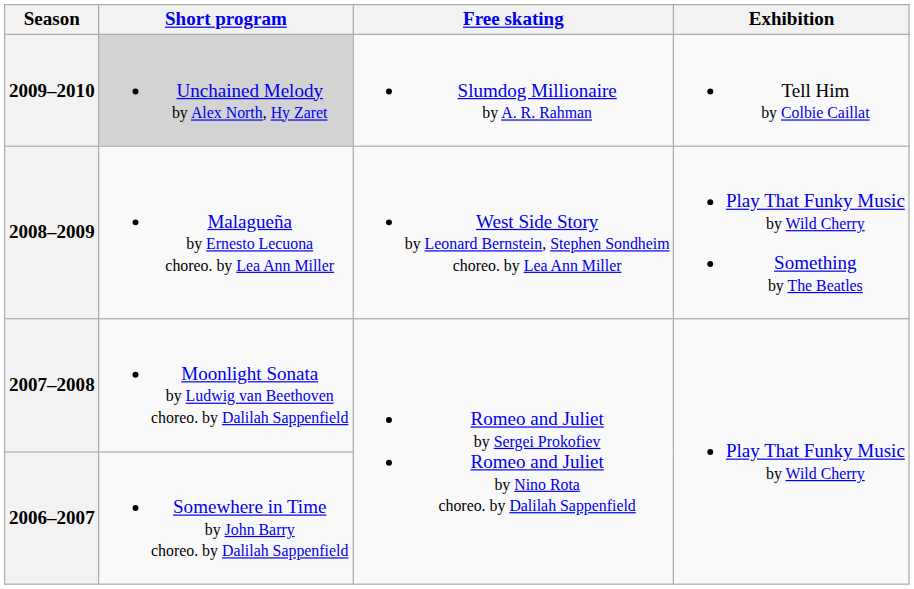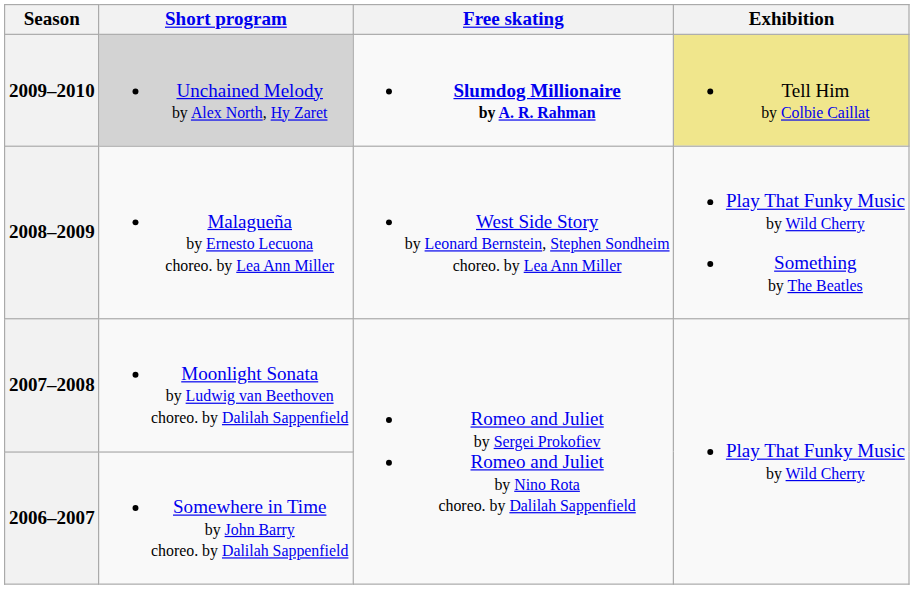 <table class="wikitable" style="text-align:center">
 <tr>
 <th>Season</th>
 <th><a href='#'>Short program</a></th>
 <th><a href='#'>Free skating</a></th>
 <th>Exhibition</th>
 </tr>
 <tr>
 <th>2009–2010 <br> </th>
 <td style="background: lightgrey;"><br><ul><li><a href='#'>Unchained Melody</a> <br><small> by <a href='#'>Alex North</a>, <a href='#'>Hy Zaret</a> </small></li></ul></td>
-<td><br><ul><li><a href='#'>Slumdog Millionaire</a> <br><small> by <a href='#'>A. R. Rahman</a> </small></li></ul></td>
-<td><br><ul><li>Tell Him <br><small> by <a href='#'>Colbie Caillat</a> </small></li></ul></td>
+<td><strong><br><ul><li><a href='#'>Slumdog Millionaire</a> <br><small> by <a href='#'>A. R. Rahman</a> </small></li></ul></strong></td>
+<td style="background: khaki;"><br><ul><li>Tell Him <br><small> by <a href='#'>Colbie Caillat</a> </small></li></ul></td>
 </tr>
 <tr>
 <th>2008–2009 <br> </th>
 <td><br><ul><li><a href='#'>Malagueña</a> <br><small>by <a href='#'>Ernesto Lecuona</a> <br> choreo. by <a href='#'>Lea Ann Miller</a> </small></li></ul></td>
 <td><br><ul><li><a href='#'>West Side Story</a> <br><small> by <a href='#'>Leonard Bernstein</a>, <a href='#'>Stephen Sondheim</a> <br> choreo. by <a href='#'>Lea Ann Miller</a> </small></li></ul></td>
 <td><br><ul><li><a href='#'>Play That Funky Music</a> <br><small> by <a href='#'>Wild Cherry</a> </small></li></ul><ul><li><a href='#'>Something</a> <br><small> by <a href='#'>The Beatles</a> </small></li></ul></td>
 </tr>
 <tr>
 <th>2007–2008 <br> </th>
 <td><br><ul><li><a href='#'>Moonlight Sonata</a> <br><small> by <a href='#'>Ludwig van Beethoven</a> <br> choreo. by <a href='#'>Dalilah Sappenfield</a> </small></li></ul></td>
 <td rowspan=2><br><ul><li><a href='#'>Romeo and Juliet</a> <br><small> by <a href='#'>Sergei Prokofiev</a> </small></li><li><a href='#'>Romeo and Juliet</a> <br><small> by <a href='#'>Nino Rota</a> <br> choreo. by <a href='#'>Dalilah Sappenfield</a> </small></li></ul></td>
 <td rowspan=2><br><ul><li><a href='#'>Play That Funky Music</a> <br><small> by <a href='#'>Wild Cherry</a> </small></li></ul></td>
 </tr>
 <tr>
 <th>2006–2007 <br> </th>
 <td><br><ul><li><a href='#'>Somewhere in Time</a> <br><small> by <a href='#'>John Barry</a> <br> choreo. by <a href='#'>Dalilah Sappenfield</a> </small></li></ul></td>
 </tr>
 </table>
